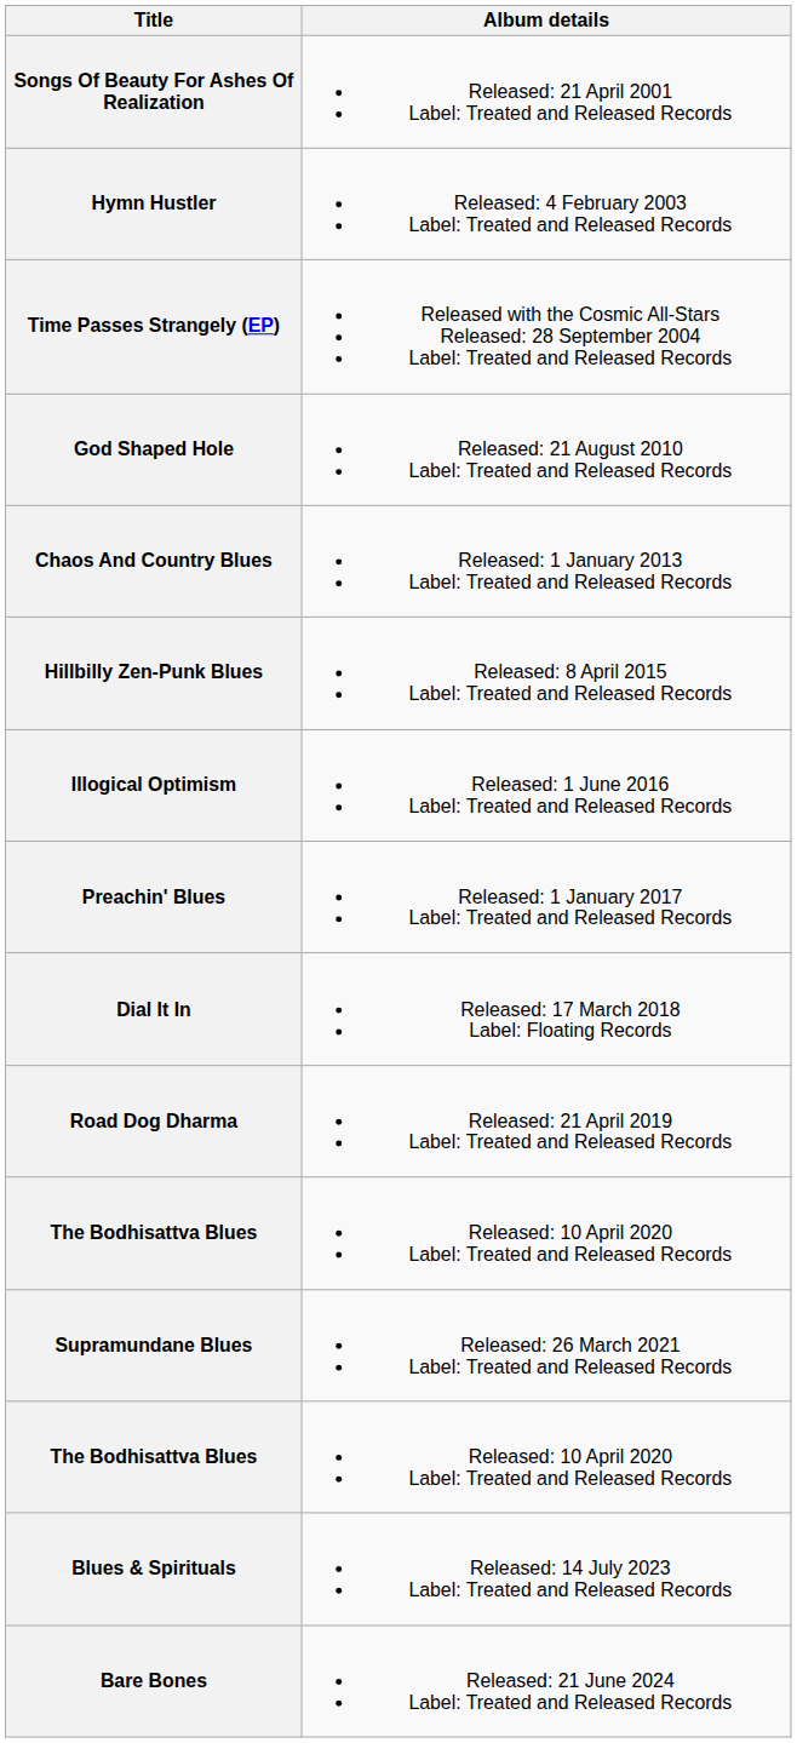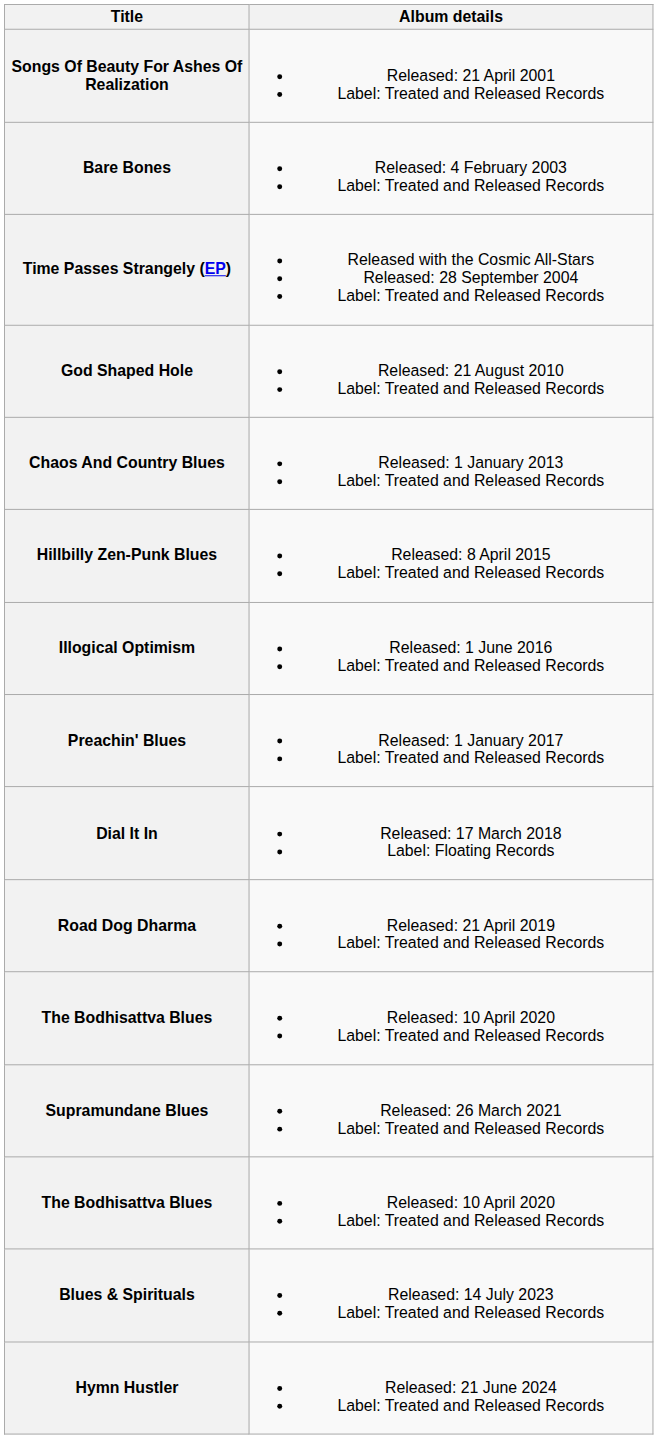 <table class="wikitable plainrowheaders" style="text-align:center;" border="1">
 <tr>
 <th scope="col" style="width:15em;">Title</th>
 <th scope="col" style="width:25em;">Album details</th>
 </tr>
 <tr>
 <th scope="row"><strong>Songs Of Beauty For Ashes Of Realization</strong></th>
 <td><br><ul><li>Released: 21 April 2001</li><li>Label: Treated and Released Records</li></ul></td>
 </tr>
 <tr>
-<th scope="row"><strong>Hymn Hustler</strong></th>
+<th scope="row"><strong>Bare Bones</strong></th>
 <td><br><ul><li>Released: 4 February 2003</li><li>Label: Treated and Released Records</li></ul></td>
 </tr>
 <tr>
 <th scope="row"><strong>Time Passes Strangely</strong> (<a href='#'>EP</a>)</th>
 <td><br><ul><li>Released with the Cosmic All-Stars</li><li>Released: 28 September 2004</li><li>Label: Treated and Released Records</li></ul></td>
 </tr>
 <tr>
 <th scope="row"><strong>God Shaped Hole</strong></th>
 <td><br><ul><li>Released: 21 August 2010</li><li>Label: Treated and Released Records</li></ul></td>
 </tr>
 <tr>
 <th scope="row"><strong>Chaos And Country Blues</strong></th>
 <td><br><ul><li>Released: 1 January 2013</li><li>Label: Treated and Released Records</li></ul></td>
 </tr>
 <tr>
 <th scope="row"><strong>Hillbilly Zen-Punk Blues</strong></th>
 <td><br><ul><li>Released: 8 April 2015</li><li>Label: Treated and Released Records</li></ul></td>
 </tr>
 <tr>
 <th scope="row"><strong>Illogical Optimism</strong></th>
 <td><br><ul><li>Released: 1 June 2016</li><li>Label: Treated and Released Records</li></ul></td>
 </tr>
 <tr>
 <th scope="row"><strong>Preachin' Blues</strong></th>
 <td><br><ul><li>Released: 1 January 2017</li><li>Label: Treated and Released Records</li></ul></td>
 </tr>
 <tr>
 <th scope="row"><strong>Dial It In</strong></th>
 <td><br><ul><li>Released: 17 March 2018</li><li>Label: Floating Records</li></ul></td>
 </tr>
 <tr>
 <th scope="row"><strong>Road Dog Dharma</strong></th>
 <td><br><ul><li>Released: 21 April 2019</li><li>Label: Treated and Released Records</li></ul></td>
 </tr>
 <tr>
 <th scope="row"><strong>The Bodhisattva Blues</strong></th>
 <td><br><ul><li>Released: 10 April 2020</li><li>Label: Treated and Released Records</li></ul></td>
 </tr>
 <tr>
 <th scope="row"><strong>Supramundane Blues</strong></th>
 <td><br><ul><li>Released: 26 March 2021</li><li>Label: Treated and Released Records</li></ul></td>
 </tr>
 <tr>
 <th scope="row"><strong>The Bodhisattva Blues</strong></th>
 <td><br><ul><li>Released: 10 April 2020</li><li>Label: Treated and Released Records</li></ul></td>
 </tr>
 <tr>
 <th scope="row"><strong>Blues & Spirituals</strong></th>
 <td><br><ul><li>Released: 14 July 2023</li><li>Label: Treated and Released Records</li></ul></td>
 </tr>
 <tr>
-<th scope="row"><strong>Bare Bones</strong></th>
+<th scope="row"><strong>Hymn Hustler</strong></th>
 <td><br><ul><li>Released: 21 June 2024</li><li>Label: Treated and Released Records</li></ul></td>
 </tr>
 </table>
